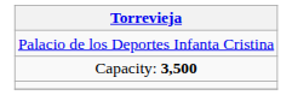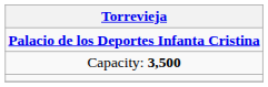 <table class="wikitable" style="margin:1em auto; text-align:center">
 <tr>
 <th><a href='#'>Torrevieja</a></th>
 </tr>
 <tr>
-<td><a href='#'>Palacio de los Deportes Infanta Cristina</a></td>
+<td><strong><a href='#'>Palacio de los Deportes Infanta Cristina</a></strong></td>
 </tr>
 <tr>
 <td>Capacity: <strong>3,500</strong></td>
 </tr>
 <tr>
 <td></td>
 </tr>
 <tr>
 </tr>
 </table>
